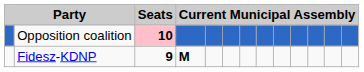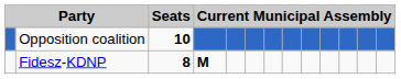 <table class="wikitable">
 <tr>
 <th style="background:#ccc" colspan="2">Party</th>
 <th style="background:#ccc">Seats</th>
 <th style="background:#ccc" colspan="10">Current Municipal Assembly</th>
 </tr>
 <tr>
 <td style="background-color: #2D68C4"> </td>
 <td>Opposition coalition</td>
-<td style="background: pink; text-align: right"><strong>10</strong></td>
+<td style="text-align: right"><strong>10</strong></td>
 <td style="background-color: #2D68C4"> </td>
 <td style="background-color: #2D68C4"> </td>
 <td style="background-color: #2D68C4"> </td>
 <td style="background-color: #2D68C4"> </td>
 <td style="background-color: #2D68C4"> </td>
 <td style="background-color: #2D68C4"> </td>
 <td style="background-color: #2D68C4"> </td>
 <td style="background-color: #2D68C4"> </td>
 <td style="background-color: #2D68C4"> </td>
 <td style="background-color: #2D68C4"> </td>
 </tr>
 <tr>
 <td style="background-color: "> </td>
 <td><a href='#'>Fidesz</a>-<a href='#'>KDNP</a></td>
-<td style="text-align: right"><strong>9</strong></td>
+<td style="text-align: right"><strong>8</strong></td>
 <td style="background-color: "><span><strong>M</strong></span></td>
 <td style="background-color: "> </td>
 <td style="background-color: "> </td>
 <td style="background-color: "> </td>
 <td style="background-color: "> </td>
 <td style="background-color: "> </td>
 <td style="background-color: "> </td>
 <td style="background-color: "> </td>
 <td> </td>
 <td> </td>
 </tr>
 </table>
